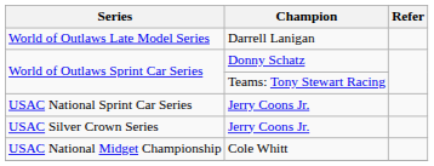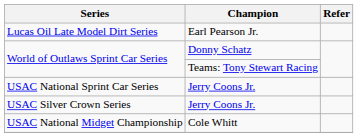 <table class="wikitable" style="font-size:87%;">
 <tr>
 <th>Series</th>
 <th>Champion</th>
 <th>Refer</th>
 </tr>
 <tr>
-<td><a href='#'>World of Outlaws Late Model Series</a></td>
-<td> Darrell Lanigan</td>
+<td><a href='#'>Lucas Oil Late Model Dirt Series</a></td>
+<td> Earl Pearson Jr.</td>
 <td></td>
 </tr>
 <tr>
 <td rowspan=2><a href='#'>World of Outlaws Sprint Car Series</a></td>
 <td> <a href='#'>Donny Schatz</a></td>
 <td rowspan=2></td>
 </tr>
 <tr>
 <td>Teams:  <a href='#'>Tony Stewart Racing</a></td>
 </tr>
 <tr>
 <td><a href='#'>USAC</a> National Sprint Car Series</td>
 <td> <a href='#'>Jerry Coons Jr.</a></td>
 <td></td>
 </tr>
 <tr>
 <td><a href='#'>USAC</a> Silver Crown Series</td>
 <td> <a href='#'>Jerry Coons Jr.</a></td>
 <td></td>
 </tr>
 <tr>
 <td><a href='#'>USAC</a> National <a href='#'>Midget</a> Championship</td>
 <td> Cole Whitt</td>
 <td></td>
 </tr>
 <tr>
 </tr>
 </table>
